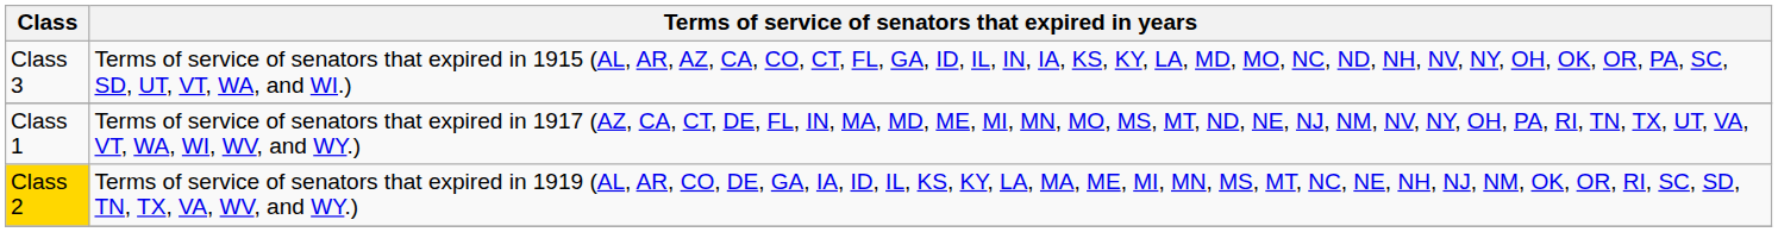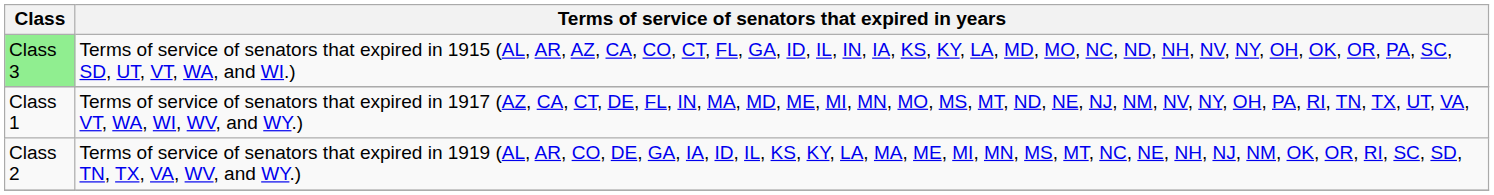 <table class="wikitable sortable">
 <tr valign=bottom>
 <th>Class</th>
 <th>Terms of service of senators that expired in years</th>
 </tr>
 <tr>
-<td>Class 3</td>
+<td style="background: lightgreen;">Class 3</td>
 <td>Terms of service of senators that expired in 1915 (<a href='#'>AL</a>, <a href='#'>AR</a>, <a href='#'>AZ</a>, <a href='#'>CA</a>, <a href='#'>CO</a>, <a href='#'>CT</a>, <a href='#'>FL</a>, <a href='#'>GA</a>, <a href='#'>ID</a>, <a href='#'>IL</a>, <a href='#'>IN</a>, <a href='#'>IA</a>, <a href='#'>KS</a>, <a href='#'>KY</a>, <a href='#'>LA</a>, <a href='#'>MD</a>, <a href='#'>MO</a>, <a href='#'>NC</a>, <a href='#'>ND</a>, <a href='#'>NH</a>, <a href='#'>NV</a>, <a href='#'>NY</a>, <a href='#'>OH</a>, <a href='#'>OK</a>, <a href='#'>OR</a>, <a href='#'>PA</a>, <a href='#'>SC</a>, <a href='#'>SD</a>, <a href='#'>UT</a>, <a href='#'>VT</a>, <a href='#'>WA</a>, and <a href='#'>WI</a>.)</td>
 </tr>
 <tr>
 </tr>
 <tr>
 <td>Class 1</td>
 <td>Terms of service of senators that expired in 1917 (<a href='#'>AZ</a>, <a href='#'>CA</a>, <a href='#'>CT</a>, <a href='#'>DE</a>, <a href='#'>FL</a>, <a href='#'>IN</a>, <a href='#'>MA</a>, <a href='#'>MD</a>, <a href='#'>ME</a>,  <a href='#'>MI</a>, <a href='#'>MN</a>, <a href='#'>MO</a>, <a href='#'>MS</a>, <a href='#'>MT</a>, <a href='#'>ND</a>, <a href='#'>NE</a>, <a href='#'>NJ</a>, <a href='#'>NM</a>, <a href='#'>NV</a>, <a href='#'>NY</a>, <a href='#'>OH</a>, <a href='#'>PA</a>, <a href='#'>RI</a>, <a href='#'>TN</a>, <a href='#'>TX</a>, <a href='#'>UT</a>, <a href='#'>VA</a>, <a href='#'>VT</a>, <a href='#'>WA</a>, <a href='#'>WI</a>, <a href='#'>WV</a>, and <a href='#'>WY</a>.)</td>
 </tr>
 <tr>
-<td style="background: gold;">Class 2</td>
+<td>Class 2</td>
 <td>Terms of service of senators that expired in 1919 (<a href='#'>AL</a>, <a href='#'>AR</a>, <a href='#'>CO</a>, <a href='#'>DE</a>, <a href='#'>GA</a>, <a href='#'>IA</a>, <a href='#'>ID</a>, <a href='#'>IL</a>, <a href='#'>KS</a>, <a href='#'>KY</a>, <a href='#'>LA</a>, <a href='#'>MA</a>, <a href='#'>ME</a>, <a href='#'>MI</a>, <a href='#'>MN</a>, <a href='#'>MS</a>, <a href='#'>MT</a>, <a href='#'>NC</a>, <a href='#'>NE</a>, <a href='#'>NH</a>, <a href='#'>NJ</a>, <a href='#'>NM</a>, <a href='#'>OK</a>, <a href='#'>OR</a>, <a href='#'>RI</a>, <a href='#'>SC</a>, <a href='#'>SD</a>, <a href='#'>TN</a>, <a href='#'>TX</a>, <a href='#'>VA</a>, <a href='#'>WV</a>, and <a href='#'>WY</a>.)</td>
 </tr>
 <tr>
 </tr>
 </table>
